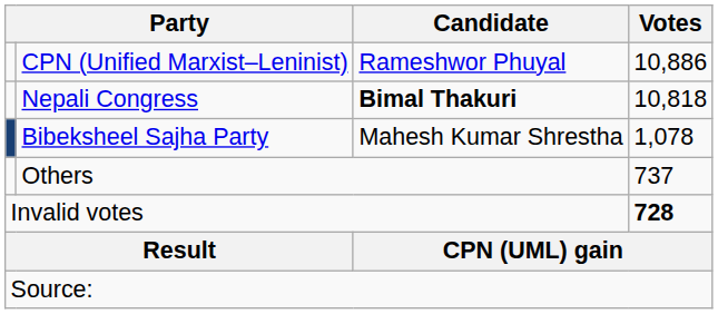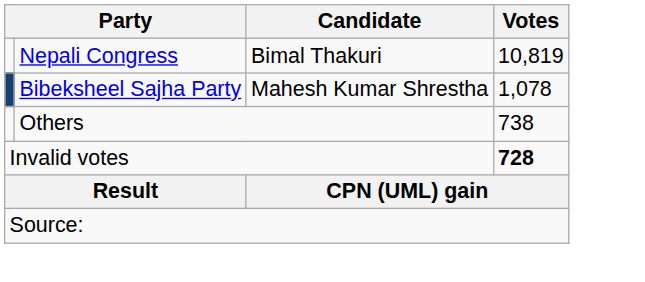 <table class="wikitable">
 <tr>
 <th colspan="2">Party</th>
 <th>Candidate</th>
 <th>Votes</th>
 </tr>
 <tr>
 <td style="background-color:"></td>
-<td><a href='#'>CPN (Unified Marxist–Leninist)</a></td>
-<td><a href='#'>Rameshwor Phuyal</a></td>
-<td>10,886</td>
-</tr>
-<tr>
-<td style="background-color:"></td>
 <td><a href='#'>Nepali Congress</a></td>
-<td><strong>Bimal Thakuri</strong></td>
-<td>10,818</td>
+<td>Bimal Thakuri</td>
+<td>10,819</td>
 </tr>
 <tr>
 <td style="background-color:#183F73"></td>
 <td><a href='#'>Bibeksheel Sajha Party</a></td>
 <td>Mahesh Kumar Shrestha</td>
 <td>1,078</td>
 </tr>
 <tr>
 <td></td>
 <td colspan="2">Others</td>
-<td>737</td>
+<td>738</td>
 </tr>
 <tr>
 <td colspan="3">Invalid votes</td>
 <td><strong>728</strong></td>
 </tr>
 <tr>
 <th colspan="2">Result</th>
 <th colspan="2">CPN (UML) gain</th>
 </tr>
 <tr>
 <td colspan="4">Source: </td>
 </tr>
 </table>
